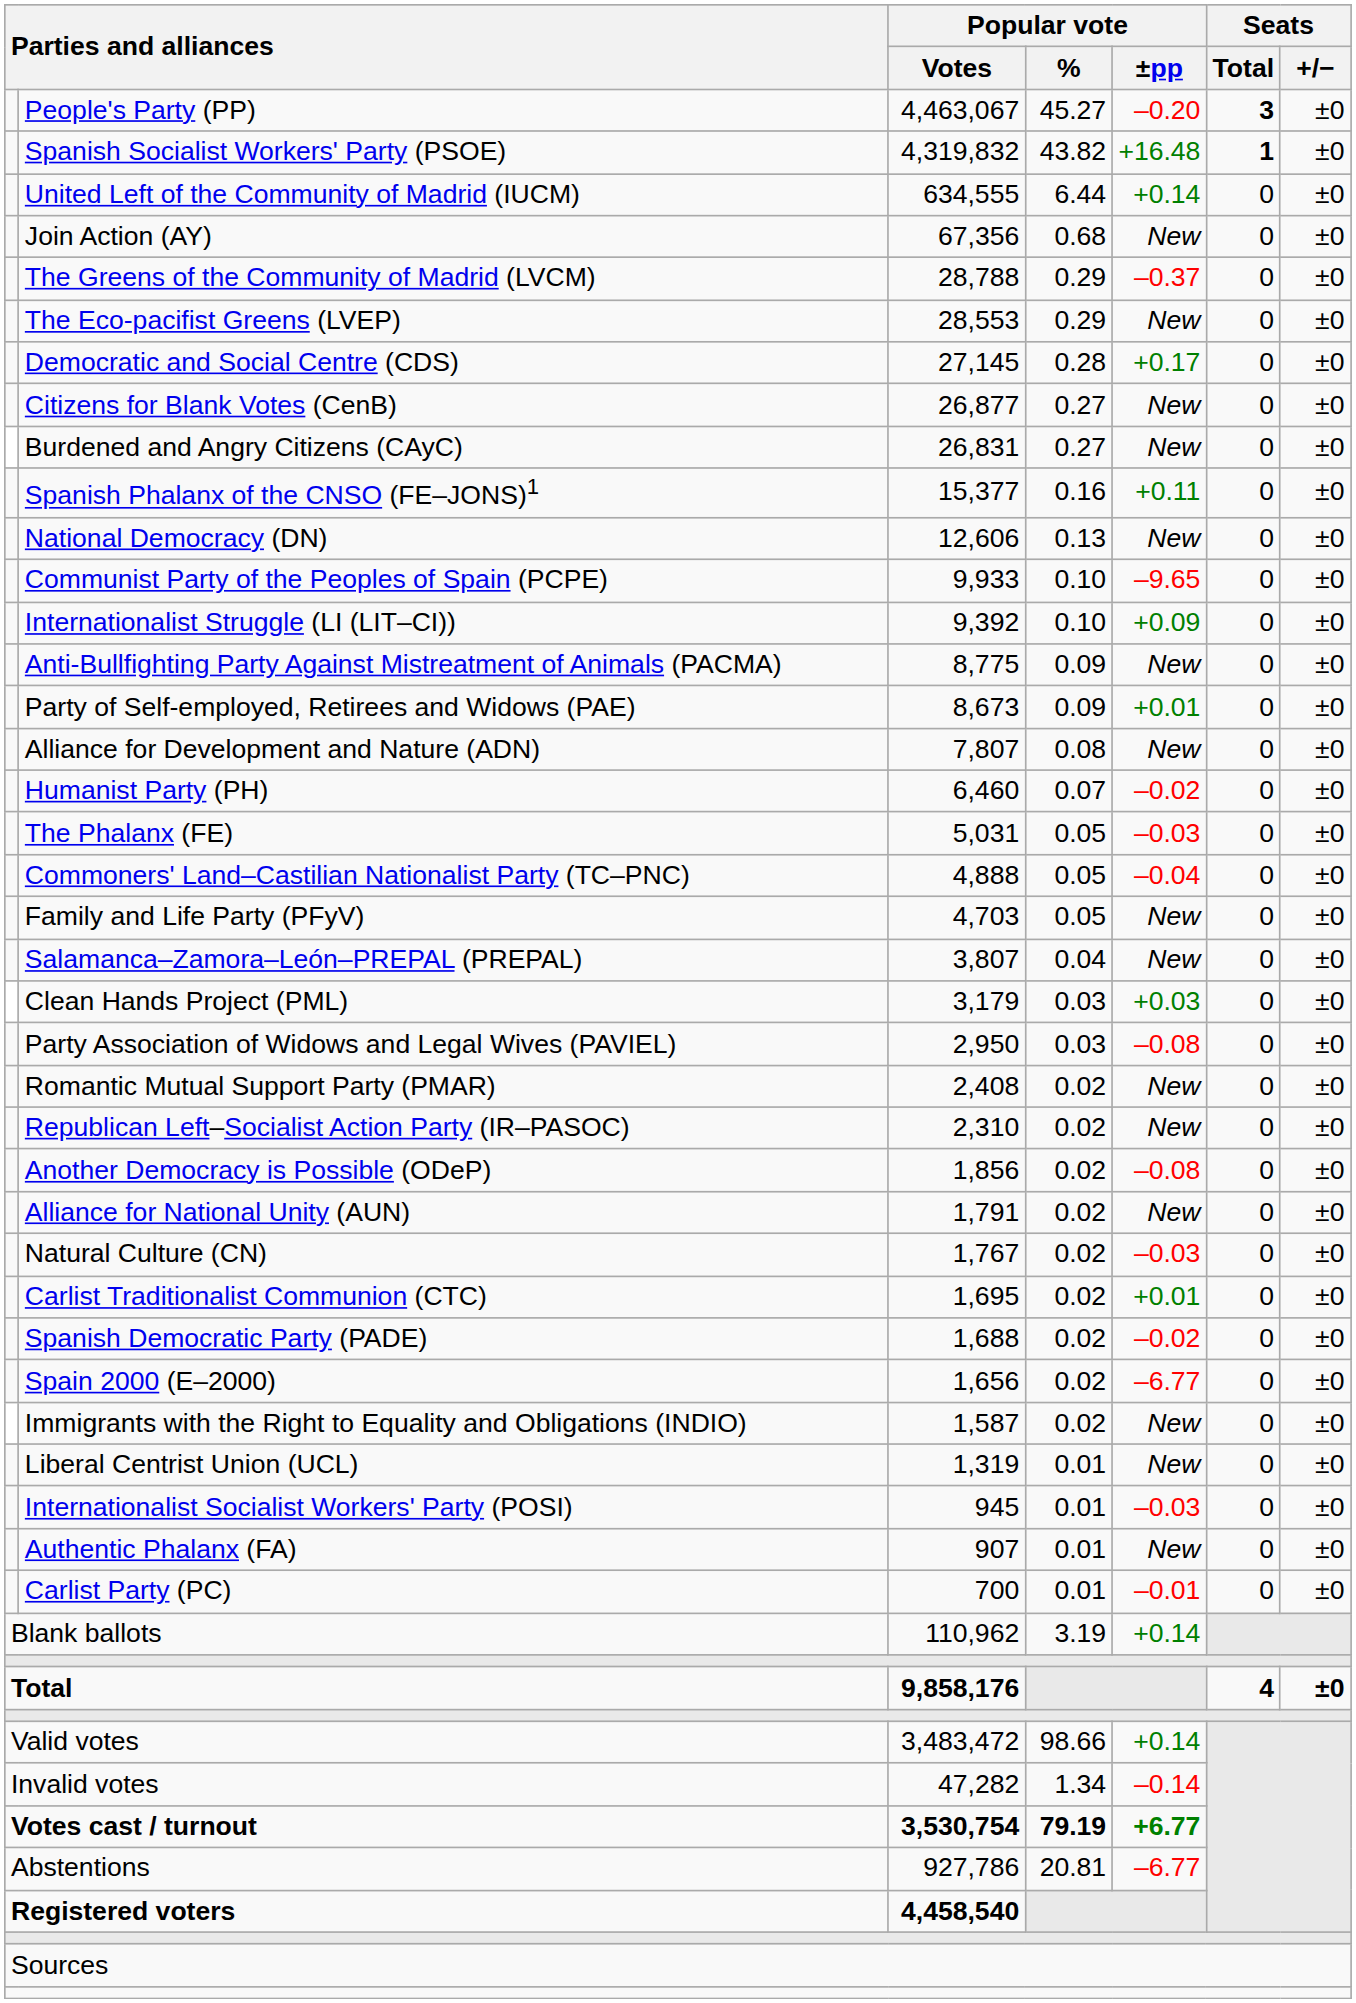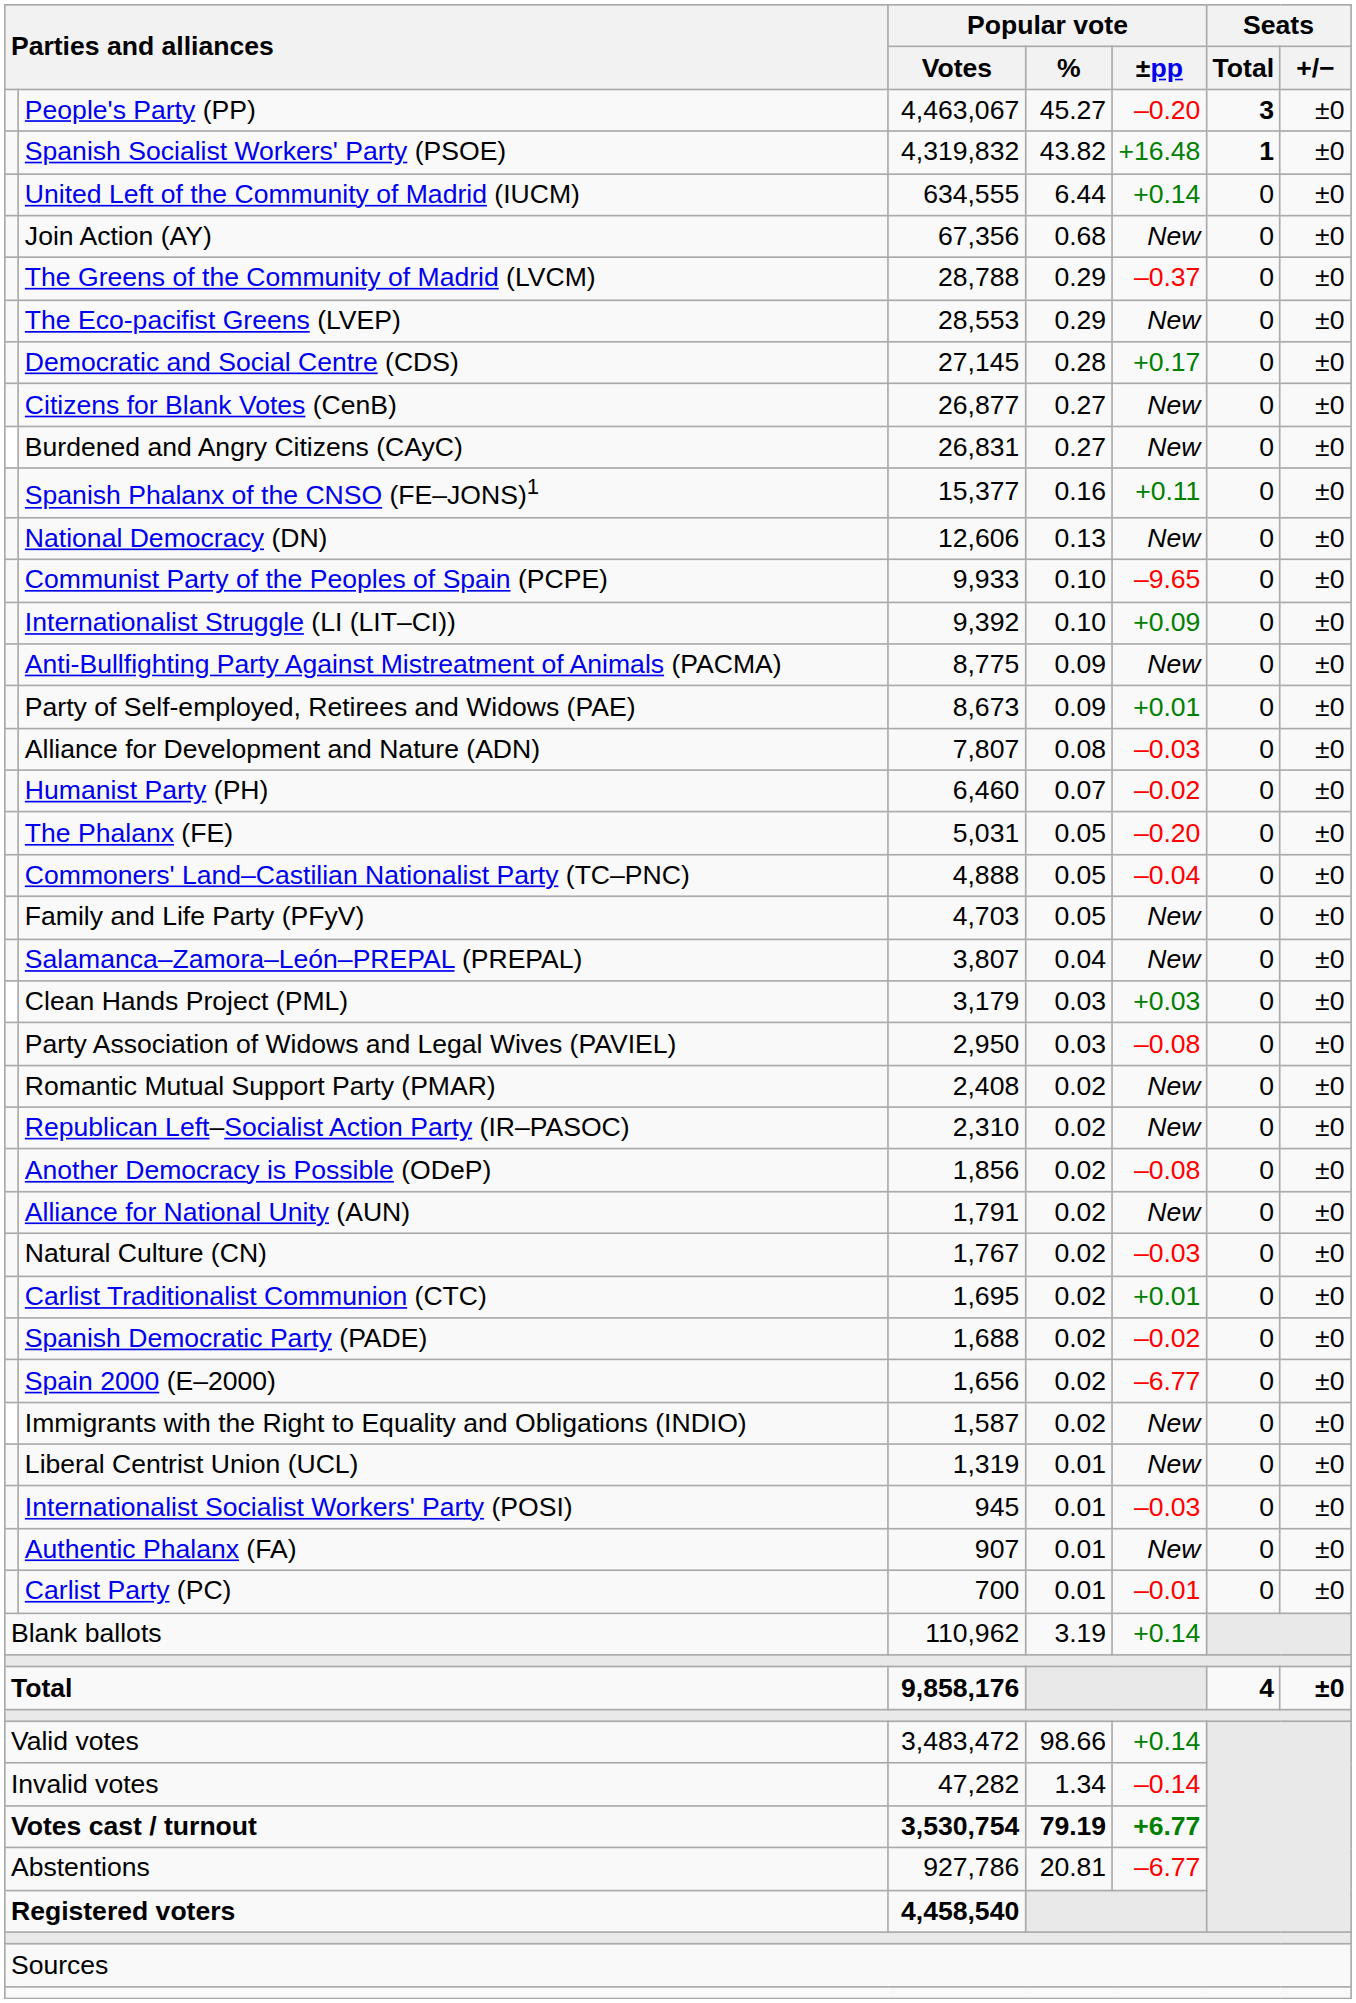 <table class="wikitable" style="text-align:right;">
 <tr>
 <th style="text-align:left;" rowspan="2" colspan="2" width="525">Parties and alliances</th>
 <th colspan="3">Popular vote</th>
 <th colspan="2">Seats</th>
 </tr>
 <tr>
 <th width="75">Votes</th>
 <th width="45">%</th>
 <th width="45">±<a href='#'>pp</a></th>
 <th width="35">Total</th>
 <th width="35">+/−</th>
 </tr>
 <tr>
 <td width="1" style="color:inherit;background:"></td>
 <td align="left"><a href='#'>People's Party</a> (PP)</td>
 <td>4,463,067</td>
 <td>45.27</td>
 <td style="color:red;">–0.20</td>
 <td><strong>3</strong></td>
 <td>±0</td>
 </tr>
 <tr>
 <td style="color:inherit;background:"></td>
 <td align="left"><a href='#'>Spanish Socialist Workers' Party</a> (PSOE)</td>
 <td>4,319,832</td>
 <td>43.82</td>
 <td style="color:green;">+16.48</td>
 <td><strong>1</strong></td>
 <td>±0</td>
 </tr>
 <tr>
 <td style="color:inherit;background:"></td>
 <td align="left"><a href='#'>United Left of the Community of Madrid</a> (IUCM)</td>
 <td>634,555</td>
 <td>6.44</td>
 <td style="color:green;">+0.14</td>
 <td>0</td>
 <td>±0</td>
 </tr>
 <tr>
 <td style="color:inherit;background:"></td>
 <td align="left">Join Action (AY)</td>
 <td>67,356</td>
 <td>0.68</td>
 <td><em>New</em></td>
 <td>0</td>
 <td>±0</td>
 </tr>
 <tr>
 <td style="color:inherit;background:"></td>
 <td align="left"><a href='#'>The Greens of the Community of Madrid</a> (LVCM)</td>
 <td>28,788</td>
 <td>0.29</td>
 <td style="color:red;">–0.37</td>
 <td>0</td>
 <td>±0</td>
 </tr>
 <tr>
 <td style="color:inherit;background:"></td>
 <td align="left"><a href='#'>The Eco-pacifist Greens</a> (LVEP)</td>
 <td>28,553</td>
 <td>0.29</td>
 <td><em>New</em></td>
 <td>0</td>
 <td>±0</td>
 </tr>
 <tr>
 <td style="color:inherit;background:"></td>
 <td align="left"><a href='#'>Democratic and Social Centre</a> (CDS)</td>
 <td>27,145</td>
 <td>0.28</td>
 <td style="color:green;">+0.17</td>
 <td>0</td>
 <td>±0</td>
 </tr>
 <tr>
 <td style="color:inherit;background:"></td>
 <td align="left"><a href='#'>Citizens for Blank Votes</a> (CenB)</td>
 <td>26,877</td>
 <td>0.27</td>
 <td><em>New</em></td>
 <td>0</td>
 <td>±0</td>
 </tr>
 <tr>
 <td bgcolor="white"></td>
 <td align="left">Burdened and Angry Citizens (CAyC)</td>
 <td>26,831</td>
 <td>0.27</td>
 <td><em>New</em></td>
 <td>0</td>
 <td>±0</td>
 </tr>
 <tr>
 <td style="color:inherit;background:"></td>
 <td align="left"><a href='#'>Spanish Phalanx of the CNSO</a> (FE–JONS)<sup>1</sup></td>
 <td>15,377</td>
 <td>0.16</td>
 <td style="color:green;">+0.11</td>
 <td>0</td>
 <td>±0</td>
 </tr>
 <tr>
 <td style="color:inherit;background:"></td>
 <td align="left"><a href='#'>National Democracy</a> (DN)</td>
 <td>12,606</td>
 <td>0.13</td>
 <td><em>New</em></td>
 <td>0</td>
 <td>±0</td>
 </tr>
 <tr>
 <td style="color:inherit;background:"></td>
 <td align="left"><a href='#'>Communist Party of the Peoples of Spain</a> (PCPE)</td>
 <td>9,933</td>
 <td>0.10</td>
 <td style="color:red;">–9.65</td>
 <td>0</td>
 <td>±0</td>
 </tr>
 <tr>
 <td style="color:inherit;background:"></td>
 <td align="left"><a href='#'>Internationalist Struggle</a> (LI (LIT–CI))</td>
 <td>9,392</td>
 <td>0.10</td>
 <td style="color:green;">+0.09</td>
 <td>0</td>
 <td>±0</td>
 </tr>
 <tr>
 <td style="color:inherit;background:"></td>
 <td align="left"><a href='#'>Anti-Bullfighting Party Against Mistreatment of Animals</a> (PACMA)</td>
 <td>8,775</td>
 <td>0.09</td>
 <td><em>New</em></td>
 <td>0</td>
 <td>±0</td>
 </tr>
 <tr>
 <td style="color:inherit;background:"></td>
 <td align="left">Party of Self-employed, Retirees and Widows (PAE)</td>
 <td>8,673</td>
 <td>0.09</td>
 <td style="color:green;">+0.01</td>
 <td>0</td>
 <td>±0</td>
 </tr>
 <tr>
 <td style="color:inherit;background:"></td>
 <td align="left">Alliance for Development and Nature (ADN)</td>
 <td>7,807</td>
 <td>0.08</td>
-<td><em>New</em></td>
+<td style="color:red;">–0.03</td>
 <td>0</td>
 <td>±0</td>
 </tr>
 <tr>
 <td style="color:inherit;background:"></td>
 <td align="left"><a href='#'>Humanist Party</a> (PH)</td>
 <td>6,460</td>
 <td>0.07</td>
 <td style="color:red;">–0.02</td>
 <td>0</td>
 <td>±0</td>
 </tr>
 <tr>
 <td style="color:inherit;background:"></td>
 <td align="left"><a href='#'>The Phalanx</a> (FE)</td>
 <td>5,031</td>
 <td>0.05</td>
-<td style="color:red;">–0.03</td>
+<td style="color:red;">–0.20</td>
 <td>0</td>
 <td>±0</td>
 </tr>
 <tr>
 <td style="color:inherit;background:"></td>
 <td align="left"><a href='#'>Commoners' Land–Castilian Nationalist Party</a> (TC–PNC)</td>
 <td>4,888</td>
 <td>0.05</td>
 <td style="color:red;">–0.04</td>
 <td>0</td>
 <td>±0</td>
 </tr>
 <tr>
 <td style="color:inherit;background:"></td>
 <td align="left">Family and Life Party (PFyV)</td>
 <td>4,703</td>
 <td>0.05</td>
 <td><em>New</em></td>
 <td>0</td>
 <td>±0</td>
 </tr>
 <tr>
 <td style="color:inherit;background:"></td>
 <td align="left"><a href='#'>Salamanca–Zamora–León–PREPAL</a> (PREPAL)</td>
 <td>3,807</td>
 <td>0.04</td>
 <td><em>New</em></td>
 <td>0</td>
 <td>±0</td>
 </tr>
 <tr>
 <td bgcolor="white"></td>
 <td align="left">Clean Hands Project (PML)</td>
 <td>3,179</td>
 <td>0.03</td>
 <td style="color:green;">+0.03</td>
 <td>0</td>
 <td>±0</td>
 </tr>
 <tr>
 <td style="color:inherit;background:"></td>
 <td align="left">Party Association of Widows and Legal Wives (PAVIEL)</td>
 <td>2,950</td>
 <td>0.03</td>
 <td style="color:red;">–0.08</td>
 <td>0</td>
 <td>±0</td>
 </tr>
 <tr>
 <td style="color:inherit;background:"></td>
 <td align="left">Romantic Mutual Support Party (PMAR)</td>
 <td>2,408</td>
 <td>0.02</td>
 <td><em>New</em></td>
 <td>0</td>
 <td>±0</td>
 </tr>
 <tr>
 <td style="color:inherit;background:"></td>
 <td align="left"><a href='#'>Republican Left</a>–<a href='#'>Socialist Action Party</a> (IR–PASOC)</td>
 <td>2,310</td>
 <td>0.02</td>
 <td><em>New</em></td>
 <td>0</td>
 <td>±0</td>
 </tr>
 <tr>
 <td style="color:inherit;background:"></td>
 <td align="left"><a href='#'>Another Democracy is Possible</a> (ODeP)</td>
 <td>1,856</td>
 <td>0.02</td>
 <td style="color:red;">–0.08</td>
 <td>0</td>
 <td>±0</td>
 </tr>
 <tr>
 <td style="color:inherit;background:"></td>
 <td align="left"><a href='#'>Alliance for National Unity</a> (AUN)</td>
 <td>1,791</td>
 <td>0.02</td>
 <td><em>New</em></td>
 <td>0</td>
 <td>±0</td>
 </tr>
 <tr>
 <td style="color:inherit;background:"></td>
 <td align="left">Natural Culture (CN)</td>
 <td>1,767</td>
 <td>0.02</td>
 <td style="color:red;">–0.03</td>
 <td>0</td>
 <td>±0</td>
 </tr>
 <tr>
 <td style="color:inherit;background:"></td>
 <td align="left"><a href='#'>Carlist Traditionalist Communion</a> (CTC)</td>
 <td>1,695</td>
 <td>0.02</td>
 <td style="color:green;">+0.01</td>
 <td>0</td>
 <td>±0</td>
 </tr>
 <tr>
 <td style="color:inherit;background:"></td>
 <td align="left"><a href='#'>Spanish Democratic Party</a> (PADE)</td>
 <td>1,688</td>
 <td>0.02</td>
 <td style="color:red;">–0.02</td>
 <td>0</td>
 <td>±0</td>
 </tr>
 <tr>
 <td style="color:inherit;background:"></td>
 <td align="left"><a href='#'>Spain 2000</a> (E–2000)</td>
 <td>1,656</td>
 <td>0.02</td>
 <td style="color:red;">–6.77</td>
 <td>0</td>
 <td>±0</td>
 </tr>
 <tr>
 <td bgcolor="white"></td>
 <td align="left">Immigrants with the Right to Equality and Obligations (INDIO)</td>
 <td>1,587</td>
 <td>0.02</td>
 <td><em>New</em></td>
 <td>0</td>
 <td>±0</td>
 </tr>
 <tr>
 <td style="color:inherit;background:"></td>
 <td align="left">Liberal Centrist Union (UCL)</td>
 <td>1,319</td>
 <td>0.01</td>
 <td><em>New</em></td>
 <td>0</td>
 <td>±0</td>
 </tr>
 <tr>
 <td style="color:inherit;background:"></td>
 <td align="left"><a href='#'>Internationalist Socialist Workers' Party</a> (POSI)</td>
 <td>945</td>
 <td>0.01</td>
 <td style="color:red;">–0.03</td>
 <td>0</td>
 <td>±0</td>
 </tr>
 <tr>
 <td style="color:inherit;background:"></td>
 <td align="left"><a href='#'>Authentic Phalanx</a> (FA)</td>
 <td>907</td>
 <td>0.01</td>
 <td><em>New</em></td>
 <td>0</td>
 <td>±0</td>
 </tr>
 <tr>
 <td style="color:inherit;background:"></td>
 <td align="left"><a href='#'>Carlist Party</a> (PC)</td>
 <td>700</td>
 <td>0.01</td>
 <td style="color:red;">–0.01</td>
 <td>0</td>
 <td>±0</td>
 </tr>
 <tr>
 <td align="left" colspan="2">Blank ballots</td>
 <td>110,962</td>
 <td>3.19</td>
 <td style="color:green;">+0.14</td>
 <td bgcolor="#E9E9E9" colspan="2"></td>
 </tr>
 <tr>
 <td colspan="7" bgcolor="#E9E9E9"></td>
 </tr>
 <tr style="font-weight:bold;">
 <td align="left" colspan="2">Total</td>
 <td>9,858,176</td>
 <td bgcolor="#E9E9E9" colspan="2"></td>
 <td>4</td>
 <td>±0</td>
 </tr>
 <tr>
 <td colspan="7" bgcolor="#E9E9E9"></td>
 </tr>
 <tr>
 <td align="left" colspan="2">Valid votes</td>
 <td>3,483,472</td>
 <td>98.66</td>
 <td style="color:green;">+0.14</td>
 <td bgcolor="#E9E9E9" colspan="2" rowspan="5"></td>
 </tr>
 <tr>
 <td align="left" colspan="2">Invalid votes</td>
 <td>47,282</td>
 <td>1.34</td>
 <td style="color:red;">–0.14</td>
 </tr>
 <tr style="font-weight:bold;">
 <td align="left" colspan="2">Votes cast / turnout</td>
 <td>3,530,754</td>
 <td>79.19</td>
 <td style="color:green;">+6.77</td>
 </tr>
 <tr>
 <td align="left" colspan="2">Abstentions</td>
 <td>927,786</td>
 <td>20.81</td>
 <td style="color:red;">–6.77</td>
 </tr>
 <tr style="font-weight:bold;">
 <td align="left" colspan="2">Registered voters</td>
 <td>4,458,540</td>
 <td bgcolor="#E9E9E9" colspan="2"></td>
 </tr>
 <tr>
 <td colspan="7" bgcolor="#E9E9E9"></td>
 </tr>
 <tr>
 <td align="left" colspan="7">Sources</td>
 </tr>
 <tr>
 <td colspan="7" style="text-align:left; max-width:790px;"></td>
 </tr>
 </table>
